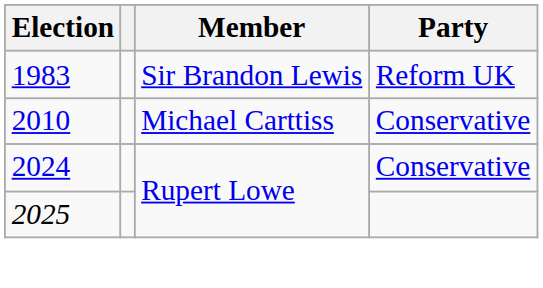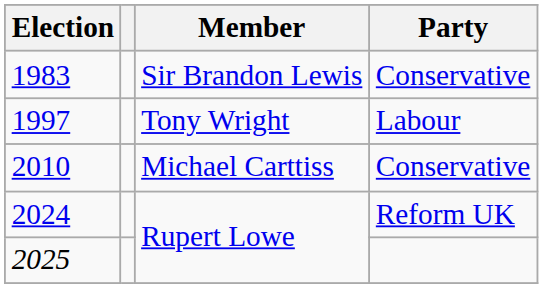 <table class="wikitable">
 <tr>
 <th>Election</th>
 <th></th>
 <th>Member</th>
 <th>Party</th>
 </tr>
 <tr>
 <td><a href='#'>1983</a></td>
 <td style="color:inherit;background-color: "></td>
 <td><a href='#'>Sir Brandon Lewis</a></td>
-<td><a href='#'>Reform UK</a></td>
+<td><a href='#'>Conservative</a></td>
+</tr>
+<tr>
+<td><a href='#'>1997</a></td>
+<td style="color:inherit;background-color: "></td>
+<td><a href='#'>Tony Wright</a></td>
+<td><a href='#'>Labour</a></td>
 </tr>
 <tr>
 <td><a href='#'>2010</a></td>
 <td style="color:inherit;background-color: "></td>
 <td><a href='#'>Michael Carttiss</a></td>
 <td><a href='#'>Conservative</a></td>
 </tr>
 <tr>
 <td><a href='#'>2024</a></td>
 <td style="color:inherit;background-color: "></td>
 <td rowspan="2"><a href='#'>Rupert Lowe</a></td>
-<td><a href='#'>Conservative</a></td>
+<td><a href='#'>Reform UK</a></td>
 </tr>
 <tr>
 <td><em>2025</em></td>
 <td></td>
 </tr>
 </table>
